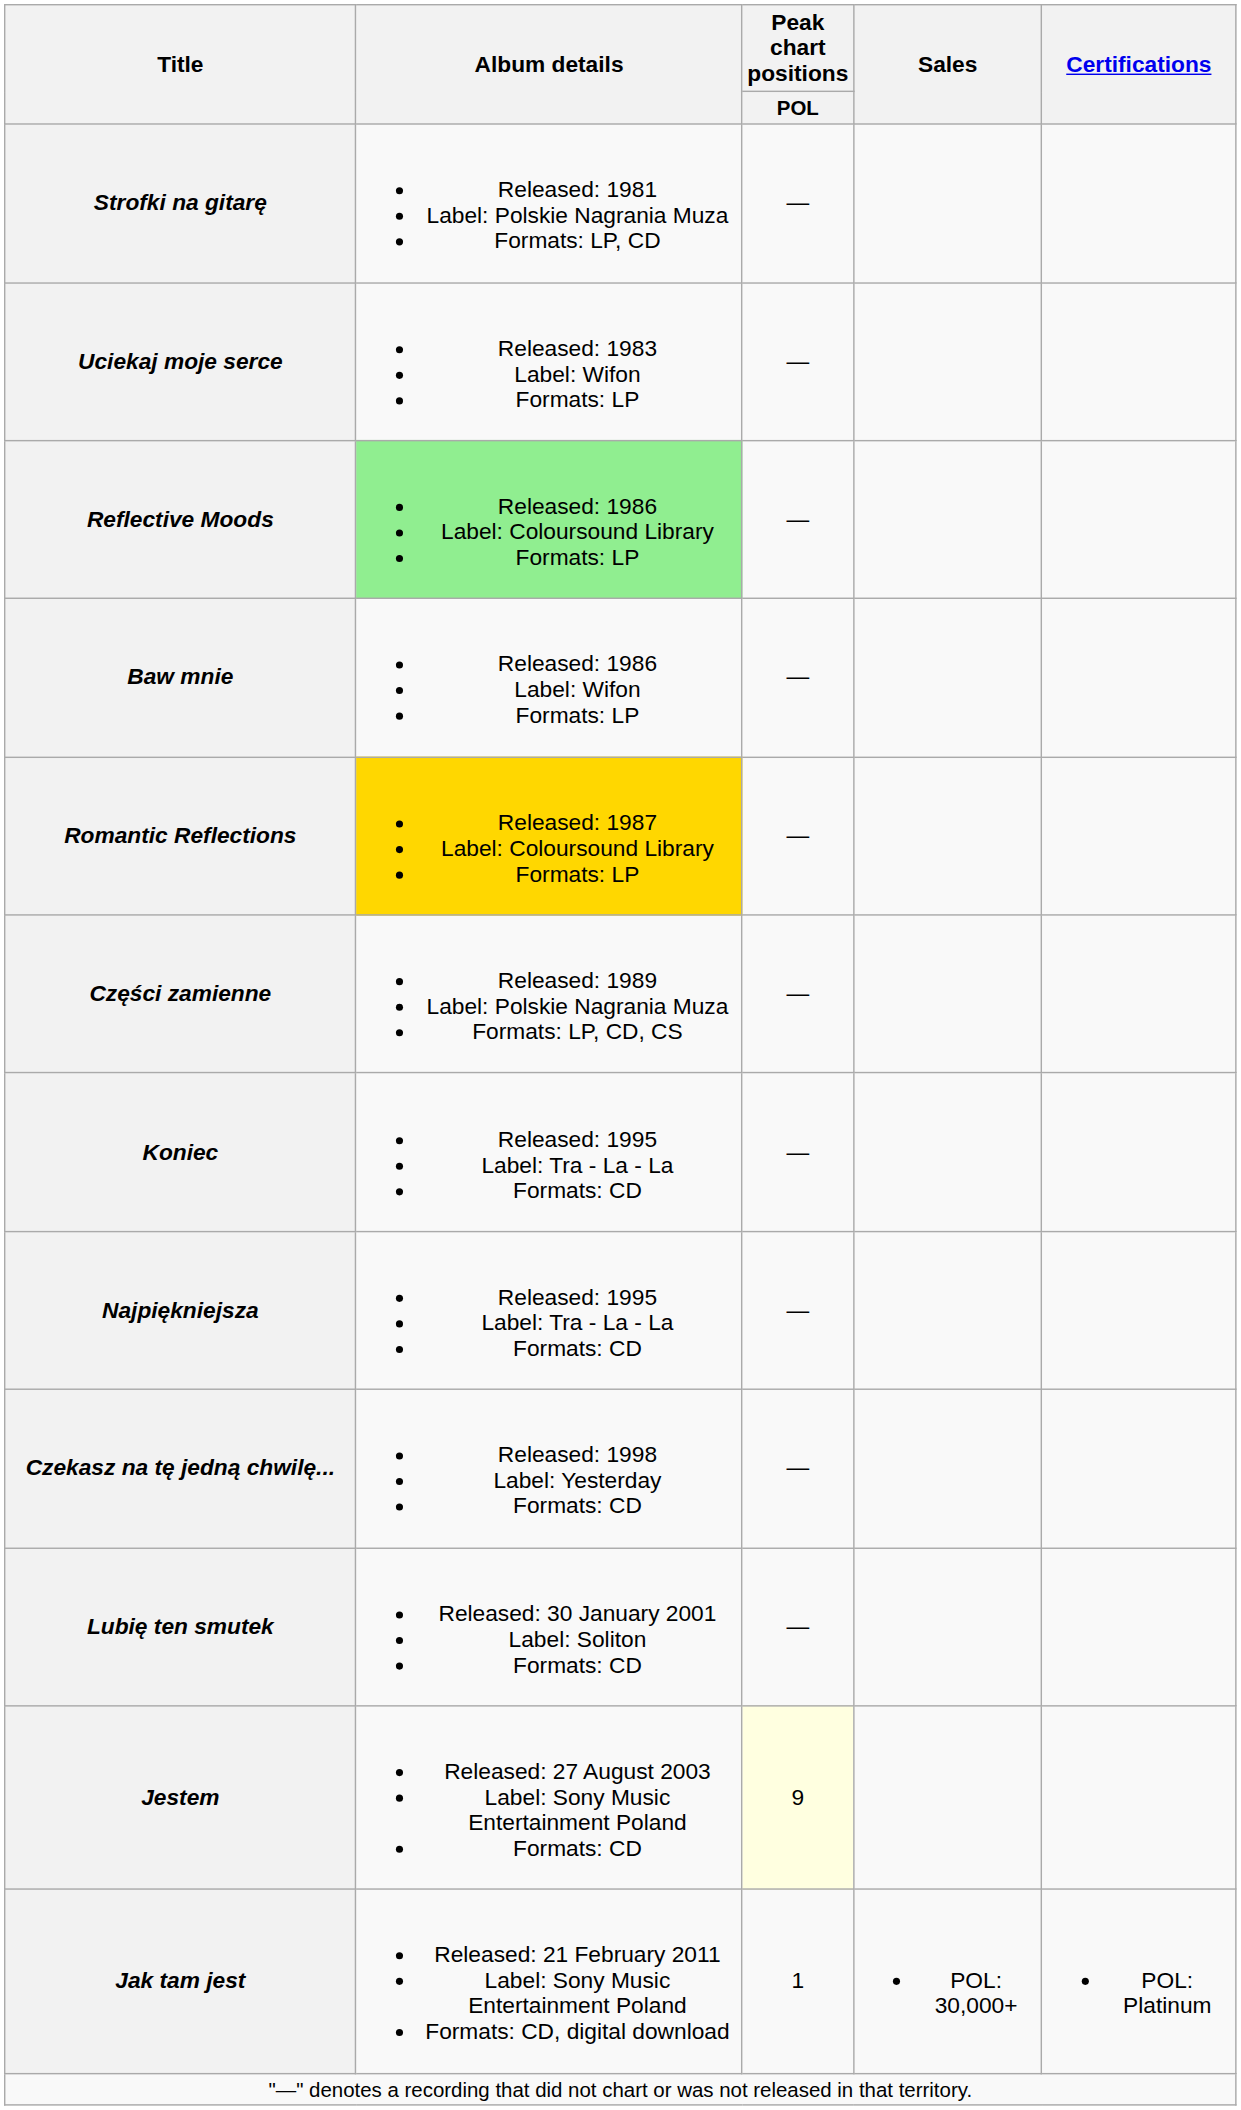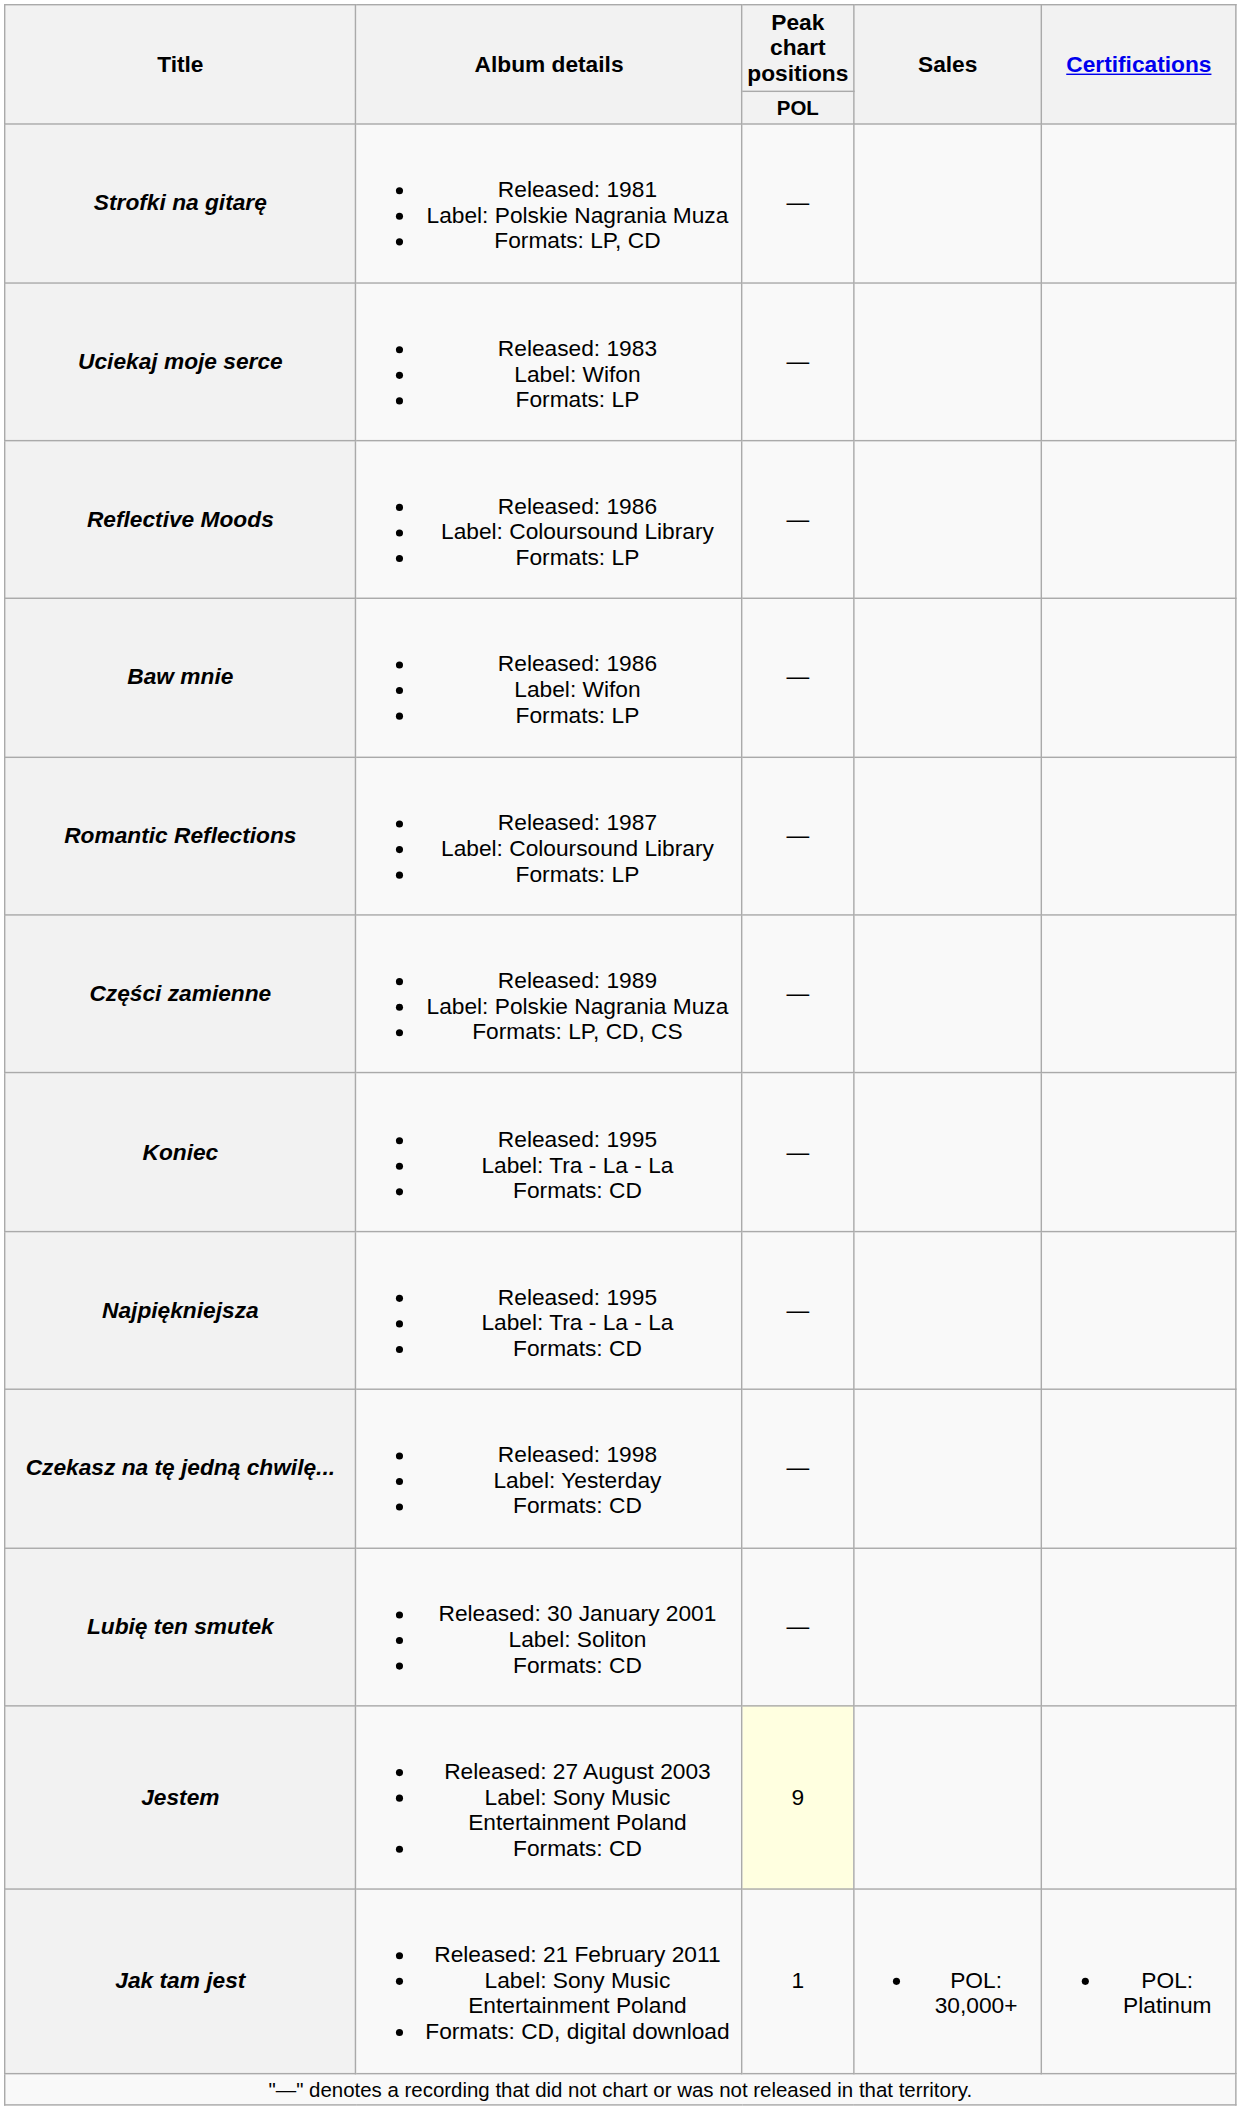 <table class="wikitable plainrowheaders" style="text-align:center;">
 <tr>
 <th scope="col" rowspan="2" style="width:15em;">Title</th>
 <th scope="col" rowspan="2">Album details</th>
 <th scope="col">Peak chart positions</th>
 <th scope="col" rowspan="2">Sales</th>
 <th scope="col" rowspan="2"><a href='#'>Certifications</a></th>
 </tr>
 <tr>
 <th scope="col" style="width:3em;font-size:90%;">POL<br></th>
 </tr>
 <tr>
 <th scope="row"><em>Strofki na gitarę</em></th>
 <td><br><ul><li>Released: 1981</li><li>Label: Polskie Nagrania Muza</li><li>Formats: LP, CD</li></ul></td>
 <td>—</td>
 <td></td>
 <td></td>
 </tr>
 <tr>
 <th scope="row"><em>Uciekaj moje serce</em></th>
 <td><br><ul><li>Released: 1983</li><li>Label: Wifon</li><li>Formats: LP</li></ul></td>
 <td>—</td>
 <td></td>
 <td></td>
 </tr>
 <tr>
 <th scope="row"><em>Reflective Moods</em></th>
-<td style="background: lightgreen;"><br><ul><li>Released: 1986</li><li>Label: Coloursound Library</li><li>Formats: LP</li></ul></td>
+<td><br><ul><li>Released: 1986</li><li>Label: Coloursound Library</li><li>Formats: LP</li></ul></td>
 <td>—</td>
 <td></td>
 <td></td>
 </tr>
 <tr>
 <th scope="row"><em>Baw mnie</em></th>
 <td><br><ul><li>Released: 1986</li><li>Label: Wifon</li><li>Formats: LP</li></ul></td>
 <td>—</td>
 <td></td>
 <td></td>
 </tr>
 <tr>
 <th scope="row"><em>Romantic Reflections</em></th>
-<td style="background: gold;"><br><ul><li>Released: 1987</li><li>Label: Coloursound Library</li><li>Formats: LP</li></ul></td>
+<td><br><ul><li>Released: 1987</li><li>Label: Coloursound Library</li><li>Formats: LP</li></ul></td>
 <td>—</td>
 <td></td>
 <td></td>
 </tr>
 <tr>
 <th scope="row"><em>Części zamienne</em></th>
 <td><br><ul><li>Released: 1989</li><li>Label: Polskie Nagrania Muza</li><li>Formats: LP, CD, CS</li></ul></td>
 <td>—</td>
 <td></td>
 <td></td>
 </tr>
 <tr>
 <th scope="row"><em>Koniec</em></th>
 <td><br><ul><li>Released: 1995</li><li>Label: Tra - La - La</li><li>Formats: CD</li></ul></td>
 <td>—</td>
 <td></td>
 <td></td>
 </tr>
 <tr>
 <th scope="row"><em>Najpiękniejsza</em></th>
 <td><br><ul><li>Released: 1995</li><li>Label: Tra - La - La</li><li>Formats: CD</li></ul></td>
 <td>—</td>
 <td></td>
 <td></td>
 </tr>
 <tr>
 <th scope="row"><em>Czekasz na tę jedną chwilę...</em></th>
 <td><br><ul><li>Released: 1998</li><li>Label: Yesterday</li><li>Formats: CD</li></ul></td>
 <td>—</td>
 <td></td>
 <td></td>
 </tr>
 <tr>
 <th scope="row"><em>Lubię ten smutek</em></th>
 <td><br><ul><li>Released: 30 January 2001</li><li>Label: Soliton</li><li>Formats: CD</li></ul></td>
 <td>—</td>
 <td></td>
 <td></td>
 </tr>
 <tr>
 <th scope="row"><em>Jestem</em></th>
 <td><br><ul><li>Released: 27 August 2003</li><li>Label: Sony Music Entertainment Poland</li><li>Formats: CD</li></ul></td>
 <td style="background: lightyellow;">9</td>
 <td></td>
 <td></td>
 </tr>
 <tr>
 <th scope="row"><em>Jak tam jest</em></th>
 <td><br><ul><li>Released: 21 February 2011</li><li>Label: Sony Music Entertainment Poland</li><li>Formats: CD, digital download</li></ul></td>
 <td>1</td>
 <td><br><ul><li>POL: 30,000+</li></ul></td>
 <td><br><ul><li>POL: Platinum</li></ul></td>
 </tr>
 <tr>
 <td colspan="20" style="font-size:90%">"—" denotes a recording that did not chart or was not released in that territory.</td>
 </tr>
 </table>
